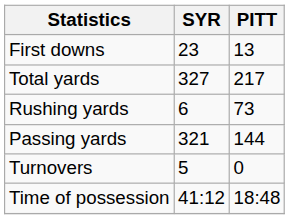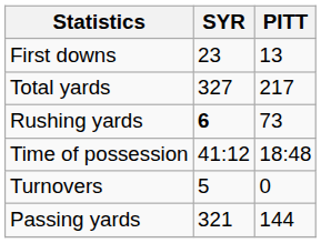 <table class="wikitable" style="float: left;">
 <tr>
 <th>Statistics</th>
 <th>SYR</th>
 <th>PITT</th>
 </tr>
 <tr>
 <td>First downs</td>
 <td>23</td>
 <td>13</td>
 </tr>
 <tr>
 <td>Total yards</td>
 <td>327</td>
 <td>217</td>
 </tr>
 <tr>
 <td>Rushing yards</td>
-<td>6</td>
+<td><strong>6</strong></td>
 <td>73</td>
+</tr>
+<tr>
+<td>Time of possession</td>
+<td>41:12</td>
+<td>18:48</td>
+</tr>
+<tr>
+<td>Turnovers</td>
+<td>5</td>
+<td>0</td>
 </tr>
 <tr>
 <td>Passing yards</td>
 <td>321</td>
 <td>144</td>
 </tr>
 <tr>
-<td>Turnovers</td>
-<td>5</td>
-<td>0</td>
-</tr>
-<tr>
-<td>Time of possession</td>
-<td>41:12</td>
-<td>18:48</td>
-</tr>
-<tr>
 </tr>
 </table>
